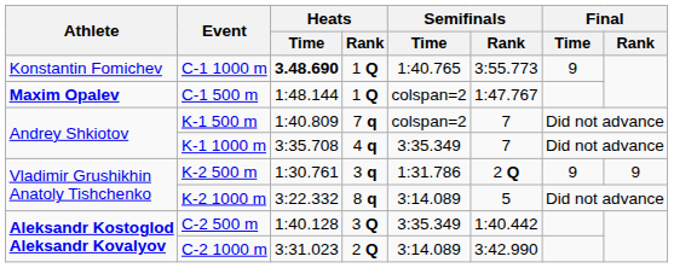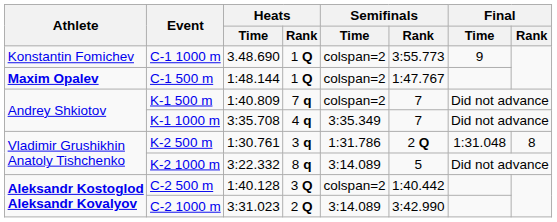 <table class="wikitable" style="font-size:90%">
 <tr>
 <th rowspan=2>Athlete</th>
 <th rowspan=2>Event</th>
 <th colspan=2>Heats</th>
 <th colspan=2>Semifinals</th>
 <th colspan=2>Final</th>
 </tr>
 <tr style="font-size:95%">
 <th>Time</th>
 <th>Rank</th>
 <th>Time</th>
 <th>Rank</th>
 <th>Time</th>
 <th>Rank</th>
 </tr>
 <tr align=center>
 <td align=left><a href='#'>Konstantin Fomichev</a></td>
 <td align=left><a href='#'>C-1 1000 m</a></td>
-<td><strong>3.48.690</strong></td>
+<td>3.48.690</td>
 <td>1 <strong>Q</strong></td>
-<td>1:40.765</td>
+<td>colspan=2 </td>
 <td>3:55.773</td>
 <td>9</td>
 </tr>
 <tr align=center>
 <td align=left><strong><a href='#'>Maxim Opalev</a></strong></td>
 <td align=left><a href='#'>C-1 500 m</a></td>
 <td>1:48.144</td>
 <td>1 <strong>Q</strong></td>
 <td>colspan=2 </td>
 <td>1:47.767</td>
 <td></td>
 </tr>
 <tr align=center>
 <td align=left rowspan=2><a href='#'>Andrey Shkiotov</a></td>
 <td align=left><a href='#'>K-1 500 m</a></td>
 <td>1:40.809</td>
 <td>7 <strong>q</strong></td>
 <td>colspan=2 </td>
 <td>7</td>
 <td colspan=2>Did not advance</td>
 </tr>
 <tr align=center>
 <td align=left><a href='#'>K-1 1000 m</a></td>
 <td>3:35.708</td>
 <td>4 <strong>q</strong></td>
 <td>3:35.349</td>
 <td>7</td>
 <td colspan=2>Did not advance</td>
 </tr>
 <tr align=center>
 <td align=left rowspan=2><a href='#'>Vladimir Grushikhin</a><br><a href='#'>Anatoly Tishchenko</a></td>
 <td align=left><a href='#'>K-2 500 m</a></td>
 <td>1:30.761</td>
 <td>3 <strong>q</strong></td>
 <td>1:31.786</td>
 <td>2 <strong>Q</strong></td>
-<td>9</td>
-<td>9</td>
+<td>1:31.048</td>
+<td>8</td>
 </tr>
 <tr align=center>
 <td align=left><a href='#'>K-2 1000 m</a></td>
 <td>3:22.332</td>
 <td>8 <strong>q</strong></td>
 <td>3:14.089</td>
 <td>5</td>
 <td colspan=2>Did not advance</td>
 </tr>
 <tr align=center>
 <td align=left rowspan=2><strong><a href='#'>Aleksandr Kostoglod</a><br><a href='#'>Aleksandr Kovalyov</a></strong></td>
 <td align=left><a href='#'>C-2 500 m</a></td>
 <td>1:40.128</td>
 <td>3 <strong>Q</strong></td>
-<td>3:35.349</td>
+<td>colspan=2 </td>
 <td>1:40.442</td>
 <td></td>
 </tr>
 <tr align=center>
 <td align=left><a href='#'>C-2 1000 m</a></td>
 <td>3:31.023</td>
 <td>2 <strong>Q</strong></td>
 <td>3:14.089</td>
 <td>3:42.990</td>
 <td></td>
 </tr>
 </table>
